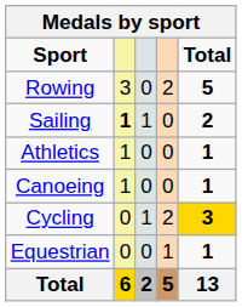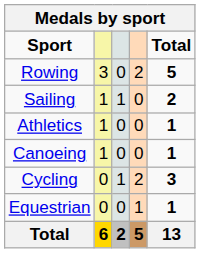 <table class="wikitable" style="font-size:85%">
 <tr style="background:#efefef;">
 <th colspan=5>Medals by sport</th>
 </tr>
 <tr align=center>
 <td><strong>Sport</strong></td>
 <td bgcolor=#f7f6a8></td>
 <td bgcolor=#dce5e5></td>
 <td bgcolor=#ffdab9></td>
 <td><strong>Total</strong></td>
 </tr>
 <tr align=center>
 <td><a href='#'>Rowing</a></td>
 <td style="background:#F7F6A8;">3</td>
 <td style="background:#DCE5E5;">0</td>
 <td style="background:#FFDAB9;">2</td>
 <td><strong>5</strong></td>
 </tr>
 <tr align=center>
 <td><a href='#'>Sailing</a></td>
-<td style="background:#F7F6A8;"><strong>1</strong></td>
+<td style="background:#F7F6A8;">1</td>
 <td style="background:#DCE5E5;">1</td>
 <td style="background:#FFDAB9;">0</td>
 <td><strong>2</strong></td>
 </tr>
 <tr align=center>
 <td><a href='#'>Athletics</a></td>
 <td style="background:#F7F6A8;">1</td>
 <td style="background:#DCE5E5;">0</td>
 <td style="background:#FFDAB9;">0</td>
 <td><strong>1</strong></td>
 </tr>
 <tr align=center>
 <td><a href='#'>Canoeing</a></td>
 <td style="background:#F7F6A8;">1</td>
 <td style="background:#DCE5E5;">0</td>
 <td style="background:#FFDAB9;">0</td>
 <td><strong>1</strong></td>
 </tr>
 <tr align=center>
 <td><a href='#'>Cycling</a></td>
 <td style="background:#F7F6A8;">0</td>
 <td style="background:#DCE5E5;">1</td>
 <td style="background:#FFDAB9;">2</td>
-<td style="background: gold;"><strong>3</strong></td>
+<td><strong>3</strong></td>
 </tr>
 <tr align=center>
 <td><a href='#'>Equestrian</a></td>
 <td style="background:#F7F6A8;">0</td>
 <td style="background:#DCE5E5;">0</td>
 <td style="background:#FFDAB9;">1</td>
 <td><strong>1</strong></td>
 </tr>
 <tr align=center>
 <th>Total</th>
 <th style="background:gold;">6</th>
 <th style="background:silver;">2</th>
 <th style="background:#c96;">5</th>
 <th>13</th>
 </tr>
 </table>
